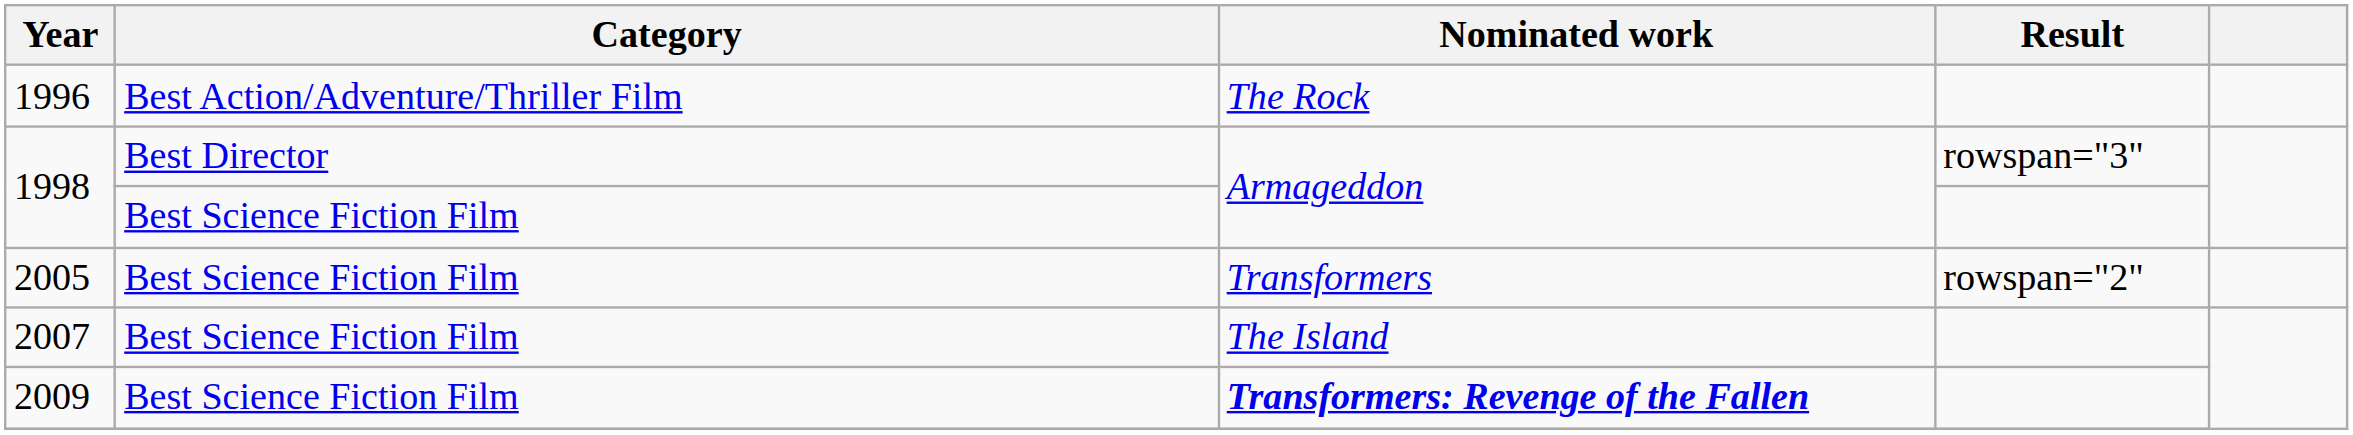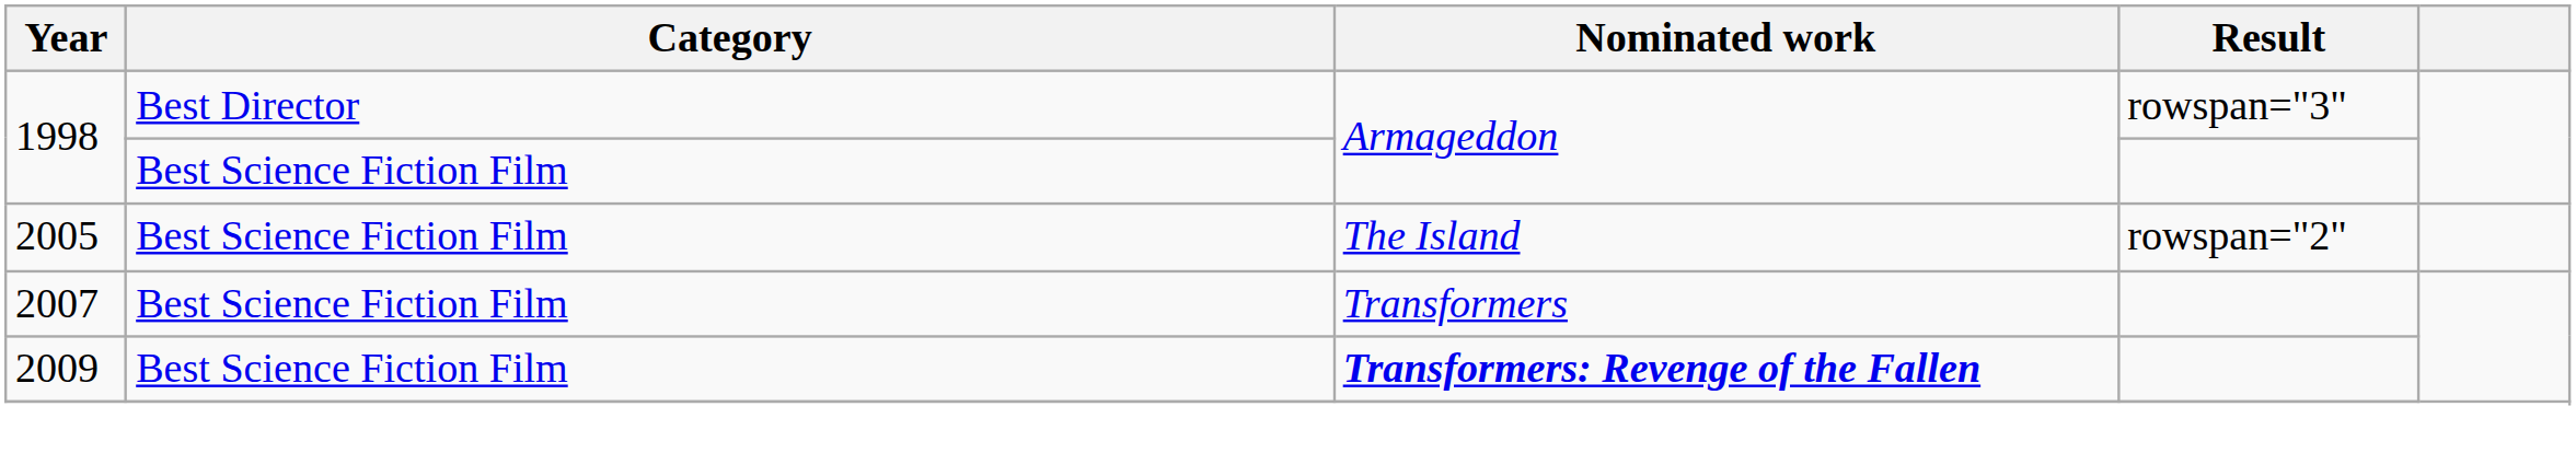 <table class=wikitable>
 <tr>
 <th width=4%>Year</th>
 <th width=40%>Category</th>
 <th width=26%>Nominated work</th>
 <th width=10%>Result</th>
 <th width=5%></th>
-</tr>
-<tr>
-<td>1996</td>
-<td><a href='#'>Best Action/Adventure/Thriller Film</a></td>
-<td><em><a href='#'>The Rock</a></em></td>
-<td></td>
-<td></td>
 </tr>
 <tr>
 <td rowspan="2">1998</td>
 <td><a href='#'>Best Director</a></td>
 <td rowspan="2"><em><a href='#'>Armageddon</a></em></td>
 <td>rowspan="3" </td>
 <td rowspan="2"></td>
 </tr>
 <tr>
 <td><a href='#'>Best Science Fiction Film</a></td>
 </tr>
 <tr>
 <td>2005</td>
 <td><a href='#'>Best Science Fiction Film</a></td>
-<td><em><a href='#'>Transformers</a></em></td>
+<td><em><a href='#'>The Island</a></em></td>
 <td>rowspan="2" </td>
 <td></td>
 </tr>
 <tr>
 <td>2007</td>
 <td><a href='#'>Best Science Fiction Film</a></td>
-<td><em><a href='#'>The Island</a></em></td>
+<td><em><a href='#'>Transformers</a></em></td>
 <td></td>
 </tr>
 <tr>
 <td>2009</td>
 <td><a href='#'>Best Science Fiction Film</a></td>
 <td><strong><em><a href='#'>Transformers: Revenge of the Fallen</a></em></strong></td>
 <td></td>
 </tr>
 <tr>
 </tr>
 </table>
